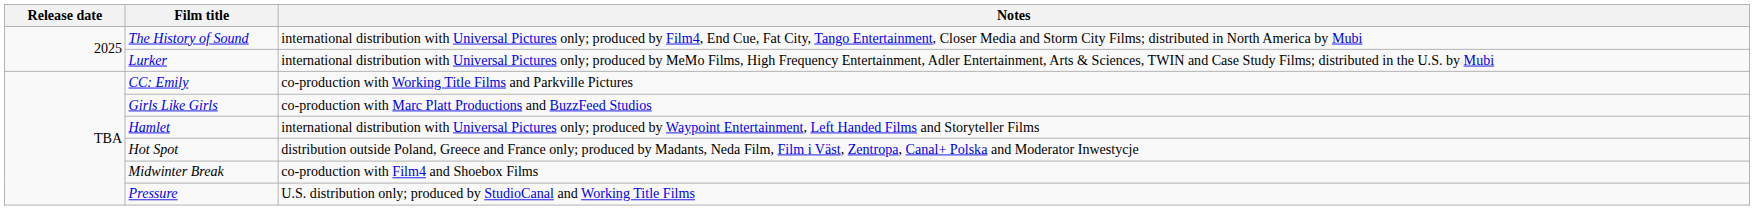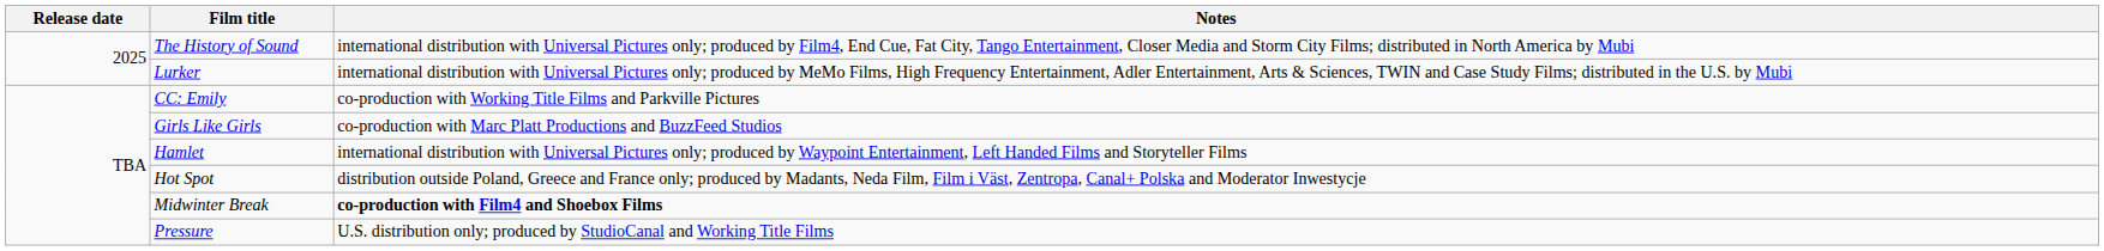 <table class="wikitable" style="width:100%;">
 <tr>
 <th scope="col" style="width:130px;">Release date</th>
 <th>Film title</th>
 <th>Notes</th>
 </tr>
 <tr>
 <td rowspan="2" align="right">2025</td>
 <td><em><a href='#'>The History of Sound</a></em></td>
 <td>international distribution with <a href='#'>Universal Pictures</a> only; produced by <a href='#'>Film4</a>, End Cue, Fat City, <a href='#'>Tango Entertainment</a>, Closer Media and Storm City Films; distributed in North America by <a href='#'>Mubi</a></td>
 </tr>
 <tr>
 <td><em><a href='#'>Lurker</a></em></td>
 <td>international distribution with <a href='#'>Universal Pictures</a> only; produced by MeMo Films, High Frequency Entertainment, Adler Entertainment, Arts & Sciences, TWIN and Case Study Films; distributed in the U.S. by <a href='#'>Mubi</a></td>
 </tr>
 <tr>
 <td rowspan="6" align="right">TBA</td>
 <td><em><a href='#'>CC: Emily</a></em></td>
 <td>co-production with <a href='#'>Working Title Films</a> and Parkville Pictures</td>
 </tr>
 <tr>
 <td><em><a href='#'>Girls Like Girls</a></em></td>
 <td>co-production with <a href='#'>Marc Platt Productions</a> and <a href='#'>BuzzFeed Studios</a></td>
 </tr>
 <tr>
 <td><em><a href='#'>Hamlet</a></em></td>
 <td>international distribution with <a href='#'>Universal Pictures</a> only; produced by <a href='#'>Waypoint Entertainment</a>, <a href='#'>Left Handed Films</a> and Storyteller Films</td>
 </tr>
 <tr>
 <td><em>Hot Spot</em></td>
 <td>distribution outside Poland, Greece and France only; produced by Madants, Neda Film, <a href='#'>Film i Väst</a>, <a href='#'>Zentropa</a>, <a href='#'>Canal+ Polska</a> and Moderator Inwestycje</td>
 </tr>
 <tr>
 <td><em>Midwinter Break</em></td>
-<td>co-production with <a href='#'>Film4</a> and Shoebox Films</td>
+<td><strong>co-production with <a href='#'>Film4</a> and Shoebox Films</strong></td>
 </tr>
 <tr>
 <td><em><a href='#'>Pressure</a></em></td>
 <td>U.S. distribution only; produced by <a href='#'>StudioCanal</a> and <a href='#'>Working Title Films</a></td>
 </tr>
 </table>
